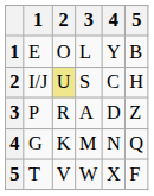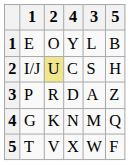 <table class="wikitable">
 <tr>
 <th></th>
 <th><strong>1</strong></th>
 <th><strong>2</strong></th>
+<th><strong>4</strong></th>
 <th><strong>3</strong></th>
-<th><strong>4</strong></th>
 <th><strong>5</strong></th>
 </tr>
 <tr>
 <th><strong>1</strong></th>
 <td>E</td>
 <td>O</td>
+<td>Y</td>
 <td>L</td>
-<td>Y</td>
 <td>B</td>
 </tr>
 <tr>
 <th><strong>2</strong></th>
 <td>I/J</td>
 <td style="background: khaki;">U</td>
+<td>C</td>
 <td>S</td>
-<td>C</td>
 <td>H</td>
 </tr>
 <tr>
 <th><strong>3</strong></th>
 <td>P</td>
 <td>R</td>
+<td>D</td>
 <td>A</td>
-<td>D</td>
 <td>Z</td>
 </tr>
 <tr>
 <th><strong>4</strong></th>
 <td>G</td>
 <td>K</td>
+<td>N</td>
 <td>M</td>
-<td>N</td>
 <td>Q</td>
 </tr>
 <tr>
 <th><strong>5</strong></th>
 <td>T</td>
 <td>V</td>
+<td>X</td>
 <td>W</td>
-<td>X</td>
 <td>F</td>
 </tr>
 </table>
